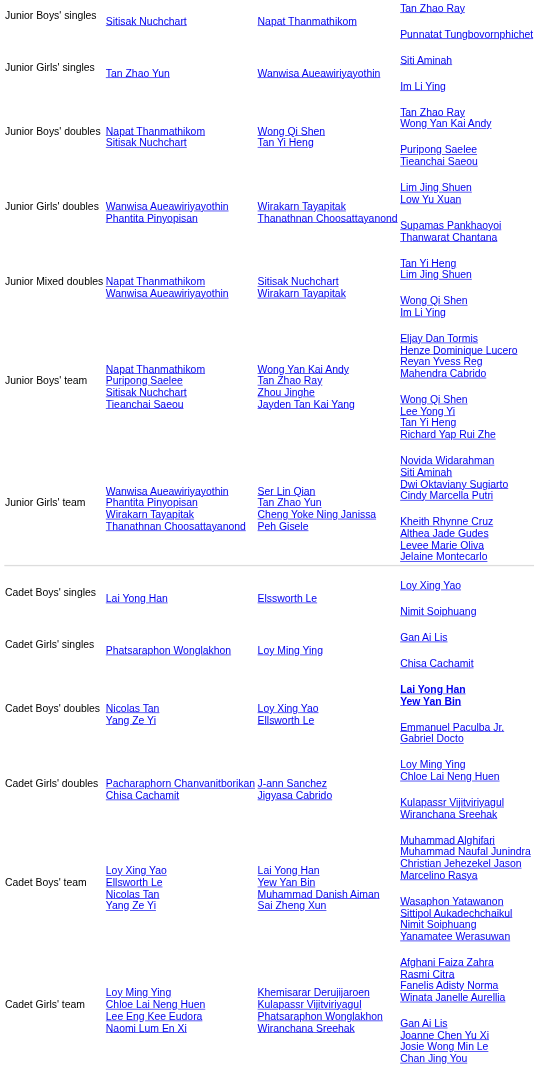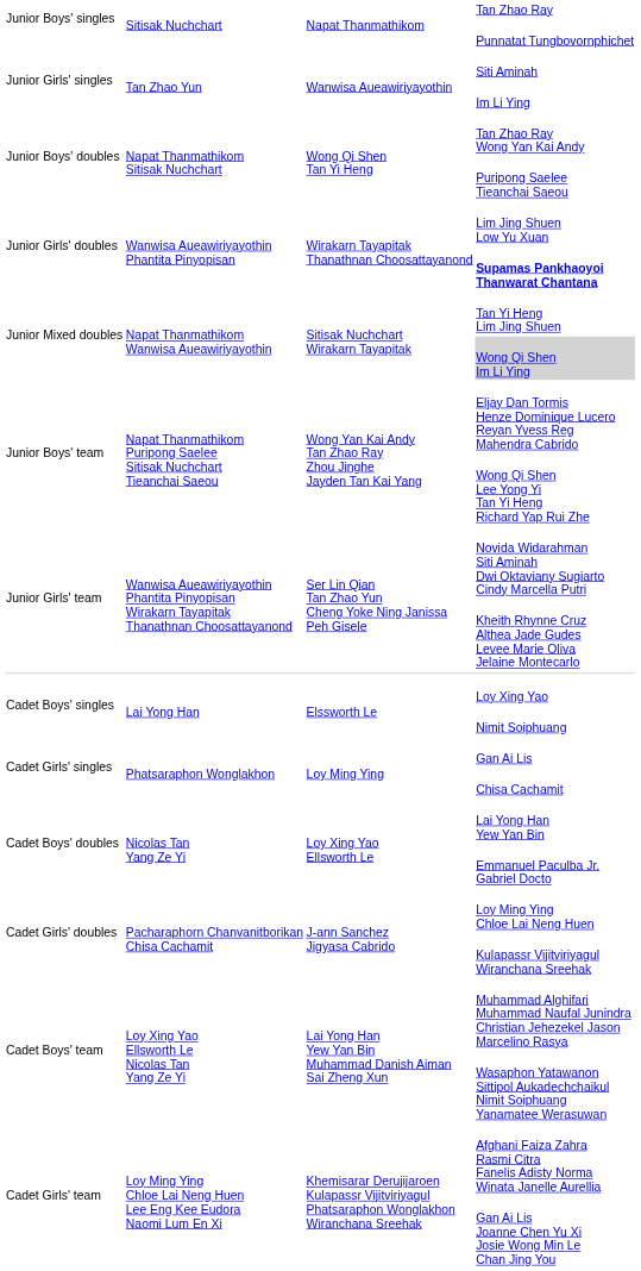 <table>
 <tr>
 <td rowspan=2>Junior Boys' singles</td>
 <td rowspan=2><br><a href='#'>Sitisak Nuchchart</a></td>
 <td rowspan=2><br><a href='#'>Napat Thanmathikom</a></td>
 <td><br><a href='#'>Tan Zhao Ray</a></td>
 </tr>
 <tr>
 <td><br><a href='#'>Punnatat Tungbovornphichet</a></td>
 </tr>
 <tr>
 <td rowspan=2>Junior Girls' singles</td>
 <td rowspan=2><br><a href='#'>Tan Zhao Yun</a></td>
 <td rowspan=2><br><a href='#'>Wanwisa Aueawiriyayothin</a></td>
 <td><br><a href='#'>Siti Aminah</a></td>
 </tr>
 <tr>
 <td><br><a href='#'>Im Li Ying</a></td>
 </tr>
 <tr>
 <td rowspan=2>Junior Boys' doubles</td>
 <td rowspan=2><br><a href='#'>Napat Thanmathikom</a><br><a href='#'>Sitisak Nuchchart</a></td>
 <td rowspan=2><br><a href='#'>Wong Qi Shen</a><br><a href='#'>Tan Yi Heng</a></td>
 <td><br><a href='#'>Tan Zhao Ray</a><br><a href='#'>Wong Yan Kai Andy</a></td>
 </tr>
 <tr>
 <td><br><a href='#'>Puripong Saelee</a><br><a href='#'>Tieanchai Saeou</a></td>
 </tr>
 <tr>
 <td rowspan=2>Junior Girls' doubles</td>
 <td rowspan=2><br><a href='#'>Wanwisa Aueawiriyayothin</a><br><a href='#'>Phantita Pinyopisan</a></td>
 <td rowspan=2><br><a href='#'>Wirakarn Tayapitak</a><br><a href='#'>Thanathnan Choosattayanond</a></td>
 <td><br><a href='#'>Lim Jing Shuen</a><br><a href='#'>Low Yu Xuan</a></td>
 </tr>
 <tr>
-<td><br><a href='#'>Supamas Pankhaoyoi</a><br><a href='#'>Thanwarat Chantana</a></td>
+<td><strong><br><a href='#'>Supamas Pankhaoyoi</a><br><a href='#'>Thanwarat Chantana</a></strong></td>
 </tr>
 <tr>
 <td rowspan=2>Junior Mixed doubles</td>
 <td rowspan=2><br><a href='#'>Napat Thanmathikom</a><br><a href='#'>Wanwisa Aueawiriyayothin</a></td>
 <td rowspan=2><br><a href='#'>Sitisak Nuchchart</a><br><a href='#'>Wirakarn Tayapitak</a></td>
 <td><br><a href='#'>Tan Yi Heng</a><br><a href='#'>Lim Jing Shuen</a></td>
 </tr>
 <tr>
-<td><br><a href='#'>Wong Qi Shen</a><br><a href='#'>Im Li Ying</a></td>
+<td style="background: lightgrey;"><br><a href='#'>Wong Qi Shen</a><br><a href='#'>Im Li Ying</a></td>
 </tr>
 <tr>
 <td rowspan=2>Junior Boys' team</td>
 <td rowspan=2><br><a href='#'>Napat Thanmathikom</a><br><a href='#'>Puripong Saelee</a><br><a href='#'>Sitisak Nuchchart</a><br><a href='#'>Tieanchai Saeou</a></td>
 <td rowspan=2><br><a href='#'>Wong Yan Kai Andy</a><br><a href='#'>Tan Zhao Ray</a><br><a href='#'>Zhou Jinghe</a><br><a href='#'>Jayden Tan Kai Yang</a></td>
 <td><br><a href='#'>Eljay Dan Tormis</a><br><a href='#'>Henze Dominique Lucero</a><br><a href='#'>Reyan Yvess Reg</a><br><a href='#'>Mahendra Cabrido</a></td>
 </tr>
 <tr>
 <td><br><a href='#'>Wong Qi Shen</a><br><a href='#'>Lee Yong Yi</a><br><a href='#'>Tan Yi Heng</a><br><a href='#'>Richard Yap Rui Zhe</a></td>
 </tr>
 <tr>
 <td rowspan=2>Junior Girls' team</td>
 <td rowspan=2><br><a href='#'>Wanwisa Aueawiriyayothin</a><br><a href='#'>Phantita Pinyopisan</a><br><a href='#'>Wirakarn Tayapitak</a><br><a href='#'>Thanathnan Choosattayanond</a></td>
 <td rowspan=2><br><a href='#'>Ser Lin Qian</a><br><a href='#'>Tan Zhao Yun</a><br><a href='#'>Cheng Yoke Ning Janissa</a><br><a href='#'>Peh Gisele</a></td>
 <td><br><a href='#'>Novida Widarahman</a><br><a href='#'>Siti Aminah</a><br><a href='#'>Dwi Oktaviany Sugiarto</a><br><a href='#'>Cindy Marcella Putri</a></td>
 </tr>
 <tr>
 <td><br><a href='#'>Kheith Rhynne Cruz</a><br><a href='#'>Althea Jade Gudes</a><br><a href='#'>Levee Marie Oliva</a><br><a href='#'>Jelaine Montecarlo</a></td>
 </tr>
 <tr style="background:#dddddd;">
 <td colspan=7></td>
 </tr>
 <tr>
 <td rowspan=2>Cadet Boys' singles</td>
 <td rowspan=2><br><a href='#'>Lai Yong Han</a></td>
 <td rowspan=2><br><a href='#'>Elssworth Le</a></td>
 <td><br><a href='#'>Loy Xing Yao</a></td>
 </tr>
 <tr>
 <td><br><a href='#'>Nimit Soiphuang</a></td>
 </tr>
 <tr>
 <td rowspan=2>Cadet Girls' singles</td>
 <td rowspan=2><br><a href='#'>Phatsaraphon Wonglakhon</a></td>
 <td rowspan=2><br><a href='#'>Loy Ming Ying</a></td>
 <td><br><a href='#'>Gan Ai Lis</a></td>
 </tr>
 <tr>
 <td><br><a href='#'>Chisa Cachamit</a></td>
 </tr>
 <tr>
 <td rowspan=2>Cadet Boys' doubles</td>
 <td rowspan=2><br><a href='#'>Nicolas Tan</a><br><a href='#'>Yang Ze Yi</a></td>
 <td rowspan=2><br><a href='#'>Loy Xing Yao</a><br><a href='#'>Ellsworth Le</a></td>
-<td><strong><br><a href='#'>Lai Yong Han</a><br><a href='#'>Yew Yan Bin</a></strong></td>
+<td><br><a href='#'>Lai Yong Han</a><br><a href='#'>Yew Yan Bin</a></td>
 </tr>
 <tr>
 <td><br><a href='#'>Emmanuel Paculba Jr.</a><br><a href='#'>Gabriel Docto</a></td>
 </tr>
 <tr>
 <td rowspan=2>Cadet Girls' doubles</td>
 <td rowspan=2><br><a href='#'>Pacharaphorn Chanvanitborikan</a><br><a href='#'>Chisa Cachamit</a></td>
 <td rowspan=2><br><a href='#'>J-ann Sanchez</a><br><a href='#'>Jigyasa Cabrido</a></td>
 <td><br><a href='#'>Loy Ming Ying</a><br><a href='#'>Chloe Lai Neng Huen</a></td>
 </tr>
 <tr>
 <td><br><a href='#'>Kulapassr Vijitviriyagul</a><br><a href='#'>Wiranchana Sreehak</a></td>
 </tr>
 <tr>
 <td rowspan=2>Cadet Boys' team</td>
 <td rowspan=2><br><a href='#'>Loy Xing Yao</a><br><a href='#'>Ellsworth Le</a><br><a href='#'>Nicolas Tan</a><br><a href='#'>Yang Ze Yi</a></td>
 <td rowspan=2><br><a href='#'>Lai Yong Han</a><br><a href='#'>Yew Yan Bin</a><br><a href='#'>Muhammad Danish Aiman</a><br><a href='#'>Sai Zheng Xun</a></td>
 <td><br><a href='#'>Muhammad Alghifari</a><br><a href='#'>Muhammad Naufal Junindra</a><br><a href='#'>Christian Jehezekel Jason</a><br><a href='#'>Marcelino Rasya</a></td>
 </tr>
 <tr>
 <td><br><a href='#'>Wasaphon Yatawanon</a><br><a href='#'>Sittipol Aukadechchaikul</a><br><a href='#'>Nimit Soiphuang</a><br><a href='#'>Yanamatee Werasuwan</a></td>
 </tr>
 <tr>
 <td rowspan=2>Cadet Girls' team</td>
 <td rowspan=2><br><a href='#'>Loy Ming Ying</a><br><a href='#'>Chloe Lai Neng Huen</a><br><a href='#'>Lee Eng Kee Eudora</a><br><a href='#'>Naomi Lum En Xi</a></td>
 <td rowspan=2><br><a href='#'>Khemisarar Derujijaroen</a><br><a href='#'>Kulapassr Vijitviriyagul</a><br><a href='#'>Phatsaraphon Wonglakhon</a><br><a href='#'>Wiranchana Sreehak</a></td>
 <td><br><a href='#'>Afghani Faiza Zahra</a><br><a href='#'>Rasmi Citra</a><br><a href='#'>Fanelis Adisty Norma</a><br><a href='#'>Winata Janelle Aurellia</a></td>
 </tr>
 <tr>
 <td><br><a href='#'>Gan Ai Lis</a><br><a href='#'>Joanne Chen Yu Xi</a><br><a href='#'>Josie Wong Min Le</a><br><a href='#'>Chan Jing You</a></td>
 </tr>
 </table>
